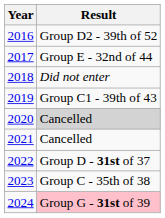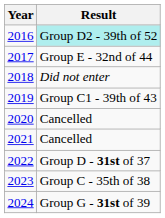 <table class="wikitable">
 <tr>
 <th>Year</th>
 <th>Result</th>
 </tr>
 <tr>
 <td> <a href='#'>2016</a></td>
-<td>Group D2 - 39th of 52</td>
+<td style="background: paleturquoise;">Group D2 - 39th of 52</td>
 </tr>
 <tr>
 <td> <a href='#'>2017</a></td>
 <td>Group E - 32nd of 44</td>
 </tr>
 <tr>
 <td> <a href='#'>2018</a></td>
 <td><em>Did not enter</td>
 </tr>
 <tr>
 <td> <a href='#'>2019</a></td>
 <td>Group C1 - 39th of 43</td>
 </tr>
 <tr>
 <td> <a href='#'>2020</a></td>
-<td style="background: lightgrey;"></em>Cancelled<em></td>
+<td></em>Cancelled<em></td>
 </tr>
 <tr>
 <td> <a href='#'>2021</a></td>
 <td></em>Cancelled<em></td>
 </tr>
 <tr>
 <td> <a href='#'>2022</a></td>
 <td>Group D - <strong>31st</strong> of 37</td>
 </tr>
 <tr>
 <td> <a href='#'>2023</a></td>
 <td>Group C - 35th of 38</td>
 </tr>
 <tr>
 <td> <a href='#'>2024</a></td>
-<td style="background: pink;">Group G - <strong>31st</strong> of 39</td>
+<td>Group G - <strong>31st</strong> of 39</td>
 </tr>
 </table>
